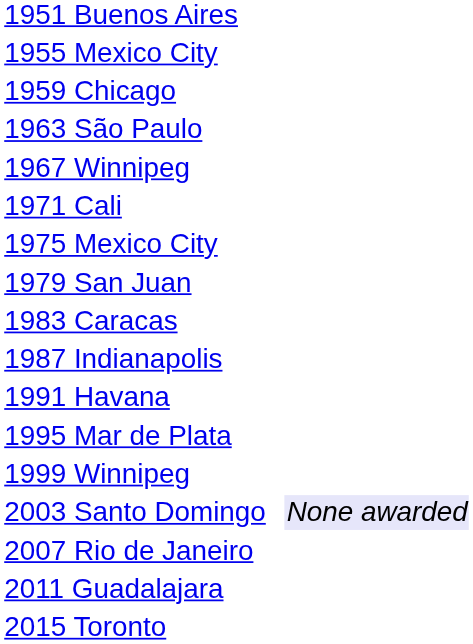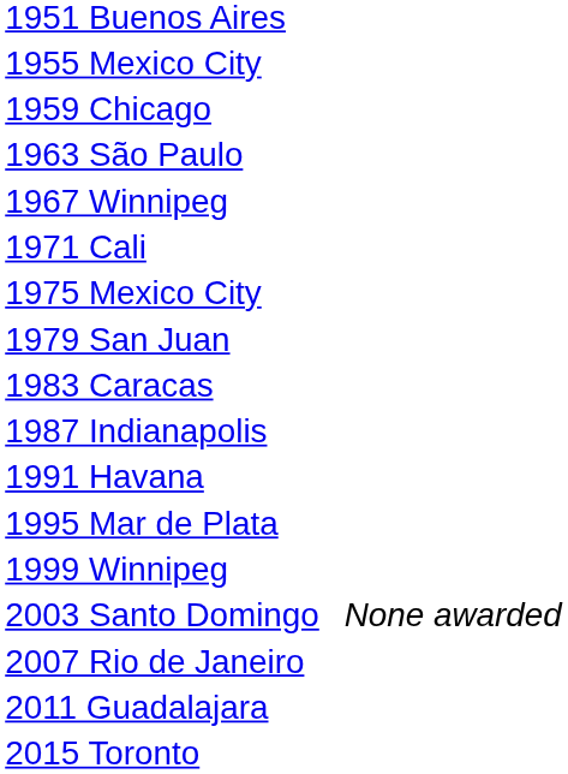 <table>
 <tr>
 <td><a href='#'>1951 Buenos Aires</a></td>
 <td></td>
 <td></td>
 <td></td>
 </tr>
 <tr>
 <td><a href='#'>1955 Mexico City</a></td>
 <td></td>
 <td></td>
 <td></td>
 </tr>
 <tr>
 <td><a href='#'>1959 Chicago</a></td>
 <td></td>
 <td></td>
 <td></td>
 </tr>
 <tr>
 <td><a href='#'>1963 São Paulo</a></td>
 <td></td>
 <td></td>
 <td></td>
 </tr>
 <tr>
 <td><a href='#'>1967 Winnipeg</a></td>
 <td></td>
 <td></td>
 <td></td>
 </tr>
 <tr>
 <td><a href='#'>1971 Cali</a></td>
 <td></td>
 <td></td>
 <td></td>
 </tr>
 <tr>
 <td><a href='#'>1975 Mexico City</a></td>
 <td></td>
 <td></td>
 <td></td>
 </tr>
 <tr>
 <td><a href='#'>1979 San Juan</a></td>
 <td></td>
 <td></td>
 <td></td>
 </tr>
 <tr>
 <td><a href='#'>1983 Caracas</a></td>
 <td></td>
 <td></td>
 <td></td>
 </tr>
 <tr>
 <td><a href='#'>1987 Indianapolis</a></td>
 <td></td>
 <td></td>
 <td></td>
 </tr>
 <tr>
 <td><a href='#'>1991 Havana</a></td>
 <td></td>
 <td></td>
 <td></td>
 </tr>
 <tr>
 <td><a href='#'>1995 Mar de Plata</a></td>
 <td></td>
 <td></td>
 <td></td>
 </tr>
 <tr>
 <td><a href='#'>1999 Winnipeg</a></td>
 <td></td>
 <td></td>
 <td></td>
 </tr>
 <tr>
 <td><a href='#'>2003 Santo Domingo</a></td>
 <td></td>
 <td></td>
-<td style="background: lavender;"><em>None awarded</em></td>
+<td><em>None awarded</em></td>
 </tr>
 <tr>
 <td><a href='#'>2007 Rio de Janeiro</a></td>
 <td></td>
 <td></td>
 <td></td>
 </tr>
 <tr>
 <td><a href='#'>2011 Guadalajara</a><br></td>
 <td></td>
 <td></td>
 <td></td>
 </tr>
 <tr>
 <td><a href='#'>2015 Toronto</a><br></td>
 <td></td>
 <td></td>
 <td></td>
 </tr>
 </table>
